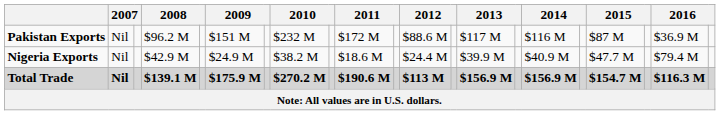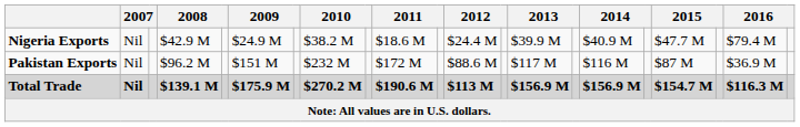 <table class="wikitable">
 <tr>
 <th></th>
 <th colspan="2">2007</th>
 <th colspan="2">2008</th>
 <th colspan="2">2009</th>
 <th colspan="2">2010</th>
 <th colspan="2">2011</th>
 <th colspan="2">2012</th>
 <th colspan="2">2013</th>
 <th colspan="2">2014</th>
 <th colspan="2">2015</th>
 <th colspan="2">2016</th>
+</tr>
+<tr>
+<td> <strong>Nigeria Exports</strong></td>
+<td>Nil</td>
+<td></td>
+<td>$42.9 M</td>
+<td></td>
+<td>$24.9 M</td>
+<td></td>
+<td>$38.2 M</td>
+<td></td>
+<td>$18.6 M</td>
+<td></td>
+<td>$24.4 M</td>
+<td></td>
+<td>$39.9 M</td>
+<td></td>
+<td>$40.9 M</td>
+<td></td>
+<td>$47.7 M</td>
+<td></td>
+<td>$79.4 M</td>
+<td></td>
 </tr>
 <tr>
 <td> <strong>Pakistan Exports</strong></td>
 <td>Nil</td>
 <td></td>
 <td>$96.2 M</td>
 <td></td>
 <td>$151 M</td>
 <td></td>
 <td>$232 M</td>
 <td></td>
 <td>$172 M</td>
 <td></td>
 <td>$88.6 M</td>
 <td></td>
 <td>$117 M</td>
 <td></td>
 <td>$116 M</td>
 <td></td>
 <td>$87 M</td>
 <td></td>
 <td>$36.9 M</td>
-<td></td>
-</tr>
-<tr>
-<td> <strong>Nigeria Exports</strong></td>
-<td>Nil</td>
-<td></td>
-<td>$42.9 M</td>
-<td></td>
-<td>$24.9 M</td>
-<td></td>
-<td>$38.2 M</td>
-<td></td>
-<td>$18.6 M</td>
-<td></td>
-<td>$24.4 M</td>
-<td></td>
-<td>$39.9 M</td>
-<td></td>
-<td>$40.9 M</td>
-<td></td>
-<td>$47.7 M</td>
-<td></td>
-<td>$79.4 M</td>
 <td></td>
 </tr>
 <tr>
 <td style='background: #D5D5D5;'><strong>Total Trade</strong></td>
 <td style='background: #D5D5D5;'><strong>Nil</strong></td>
 <td style='background: #D5D5D5;'></td>
 <td style='background: #D5D5D5;'><strong>$139.1 M</strong></td>
 <td style='background: #D5D5D5;'></td>
 <td style='background: #D5D5D5;'><strong>$175.9 M</strong></td>
 <td style='background: #D5D5D5;'></td>
 <td style='background: #D5D5D5;'><strong>$270.2 M</strong></td>
 <td style='background: #D5D5D5;'></td>
 <td style='background: #D5D5D5;'><strong>$190.6 M</strong></td>
 <td style='background: #D5D5D5;'></td>
 <td style='background: #D5D5D5;'><strong>$113 M</strong></td>
 <td style='background: #D5D5D5;'></td>
 <td style='background: #D5D5D5;'><strong>$156.9 M</strong></td>
 <td style='background: #D5D5D5;'></td>
 <td style='background: #D5D5D5;'><strong>$156.9 M</strong></td>
 <td style='background: #D5D5D5;'></td>
 <td style='background: #D5D5D5;'><strong>$154.7 M</strong></td>
 <td style='background: #D5D5D5;'></td>
 <td style='background: #D5D5D5;'><strong>$116.3 M</strong></td>
 <td style='background: #D5D5D5;'></td>
 </tr>
 <tr>
 <th colspan="21"><small>Note: All values are in U.S. dollars.</small></th>
 </tr>
 </table>
